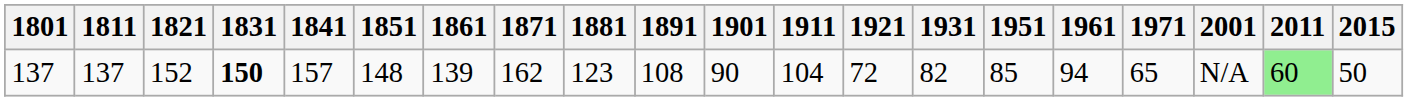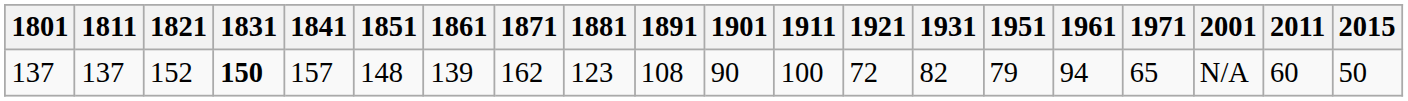 <table class="wikitable">
 <tr>
 <th>1801</th>
 <th>1811</th>
 <th>1821</th>
 <th>1831</th>
 <th>1841</th>
 <th>1851</th>
 <th>1861</th>
 <th>1871</th>
 <th>1881</th>
 <th>1891</th>
 <th>1901</th>
 <th>1911</th>
 <th>1921</th>
 <th>1931</th>
 <th>1951</th>
 <th>1961</th>
 <th>1971</th>
 <th>2001</th>
 <th>2011</th>
 <th>2015</th>
 </tr>
 <tr>
 <td>137</td>
 <td>137</td>
 <td>152</td>
 <td><strong>150</strong></td>
 <td>157</td>
 <td>148</td>
 <td>139</td>
 <td>162</td>
 <td>123</td>
 <td>108</td>
 <td>90</td>
-<td>104</td>
+<td>100</td>
 <td>72</td>
 <td>82</td>
-<td>85</td>
+<td>79</td>
 <td>94</td>
 <td>65</td>
 <td>N/A</td>
-<td style="background: lightgreen;">60</td>
+<td>60</td>
 <td>50</td>
 </tr>
 </table>
